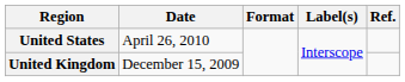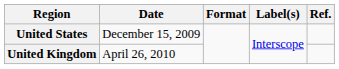 <table class="wikitable plainrowheaders">
 <tr>
 <th>Region</th>
 <th>Date</th>
 <th>Format</th>
 <th>Label(s)</th>
 <th>Ref.</th>
 </tr>
 <tr>
 <th scope="row">United States</th>
-<td>April 26, 2010</td>
+<td>December 15, 2009</td>
 <td rowspan="2"></td>
 <td rowspan="2"><a href='#'>Interscope</a></td>
 <td></td>
 </tr>
 <tr>
 <th scope="row">United Kingdom</th>
-<td>December 15, 2009</td>
+<td>April 26, 2010</td>
 <td></td>
 </tr>
 </table>
